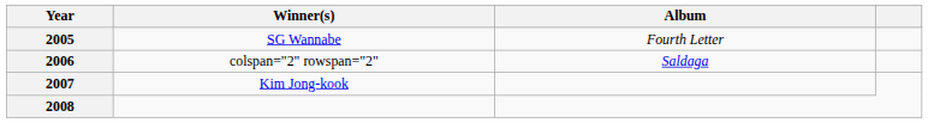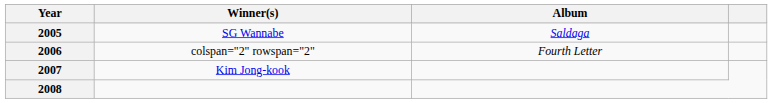 <table class="wikitable sortable" style="text-align:center; width: 65%; margin: 1em auto 1em auto">
 <tr style="background:#bebebe;">
 <th scope="col" style="width:7%;">Year</th>
 <th scope="col" style="width:25%;">Winner(s)</th>
 <th scope="col" style="width:25%;">Album</th>
 <th scope="col" class="unsortable" style="width:3%;"></th>
 </tr>
 <tr>
 <th scope="row">2005</th>
 <td><a href='#'>SG Wannabe</a></td>
-<td><em>Fourth Letter</em></td>
+<td><em><a href='#'>Saldaga</a></em></td>
 <td></td>
 </tr>
 <tr>
 <th scope="row">2006</th>
 <td>colspan="2" rowspan="2" </td>
-<td><em><a href='#'>Saldaga</a></em></td>
+<td><em>Fourth Letter</em></td>
 <td style="text-align:center;"></td>
 </tr>
 <tr>
 <th scope="row">2007</th>
 <td><a href='#'>Kim Jong-kook</a></td>
 <td style="text-align:center;"></td>
 </tr>
 <tr>
 <th scope="row">2008</th>
 <td style="text-align:center;"></td>
 </tr>
 </table>
